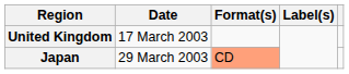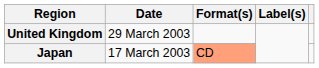 <table class="wikitable plainrowheaders">
 <tr>
 <th scope="col">Region</th>
 <th scope="col">Date</th>
 <th scope="col">Format(s)</th>
 <th scope="col">Label(s)</th>
 <th scope="col"></th>
 </tr>
 <tr>
 <th scope="row">United Kingdom</th>
-<td>17 March 2003</td>
+<td>29 March 2003</td>
 <td></td>
 <td rowspan="2"></td>
 <td></td>
 </tr>
 <tr>
 <th scope="row">Japan</th>
-<td>29 March 2003</td>
+<td>17 March 2003</td>
 <td style="background: lightsalmon;">CD</td>
 <td></td>
 </tr>
 </table>
